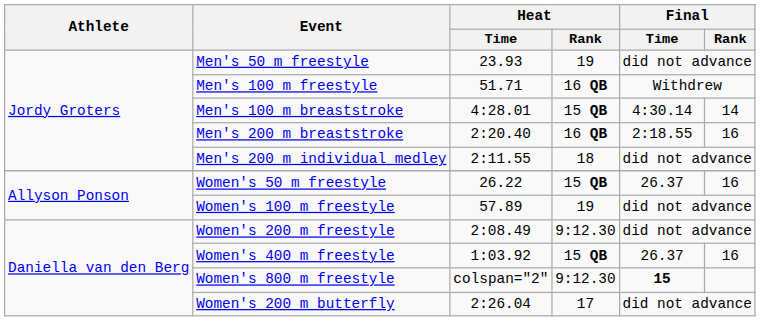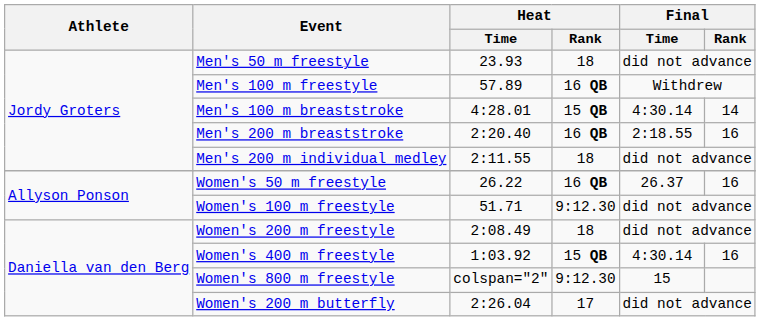 <table class=wikitable style="font-size:90%">
 <tr>
 <th rowspan="2">Athlete</th>
 <th rowspan="2">Event</th>
 <th colspan="2">Heat</th>
 <th colspan="2">Final</th>
 </tr>
 <tr style="font-size:95%">
 <th>Time</th>
 <th>Rank</th>
 <th>Time</th>
 <th>Rank</th>
 </tr>
 <tr align=center>
 <td align=left rowspan="5"><a href='#'>Jordy Groters</a></td>
 <td align=left><a href='#'>Men's 50 m freestyle</a></td>
 <td>23.93</td>
-<td>19</td>
+<td>18</td>
 <td colspan="2">did not advance</td>
 </tr>
 <tr align=center>
 <td align=left><a href='#'>Men's 100 m freestyle</a></td>
-<td>51.71</td>
+<td>57.89</td>
 <td>16 <strong>QB</strong></td>
 <td colspan="2">Withdrew</td>
 </tr>
 <tr align=center>
 <td align=left><a href='#'>Men's 100 m breaststroke</a></td>
 <td>4:28.01</td>
 <td>15 <strong>QB</strong></td>
 <td>4:30.14</td>
 <td>14</td>
 </tr>
 <tr align=center>
 <td align=left><a href='#'>Men's 200 m breaststroke</a></td>
 <td>2:20.40</td>
 <td>16 <strong>QB</strong></td>
 <td>2:18.55</td>
 <td>16</td>
 </tr>
 <tr align=center>
 <td align=left><a href='#'>Men's 200 m individual medley</a></td>
 <td>2:11.55</td>
 <td>18</td>
 <td colspan="2">did not advance</td>
 </tr>
 <tr>
 </tr>
 <tr align=center>
 <td align=left rowspan="2"><a href='#'>Allyson Ponson</a></td>
 <td align=left><a href='#'>Women's 50 m freestyle</a></td>
 <td>26.22</td>
-<td>15 <strong>QB</strong></td>
+<td>16 <strong>QB</strong></td>
 <td>26.37</td>
 <td>16</td>
 </tr>
 <tr align=center>
 <td align=left><a href='#'>Women's 100 m freestyle</a></td>
-<td>57.89</td>
-<td>19</td>
+<td>51.71</td>
+<td>9:12.30</td>
 <td colspan="2">did not advance</td>
 </tr>
 <tr align=center>
 <td align=left rowspan="4"><a href='#'>Daniella van den Berg</a></td>
 <td align=left><a href='#'>Women's 200 m freestyle</a></td>
 <td>2:08.49</td>
-<td>9:12.30</td>
+<td>18</td>
 <td colspan="2">did not advance</td>
 </tr>
 <tr align=center>
 <td align=left><a href='#'>Women's 400 m freestyle</a></td>
 <td>1:03.92</td>
 <td>15 <strong>QB</strong></td>
-<td>26.37</td>
+<td>4:30.14</td>
 <td>16</td>
 </tr>
 <tr align=center>
 <td align=left><a href='#'>Women's 800 m freestyle</a></td>
 <td>colspan="2" </td>
 <td>9:12.30</td>
-<td><strong>15</strong></td>
+<td>15</td>
 </tr>
 <tr align=center>
 <td align=left><a href='#'>Women's 200 m butterfly</a></td>
 <td>2:26.04</td>
 <td>17</td>
 <td colspan="2">did not advance</td>
 </tr>
 </table>
